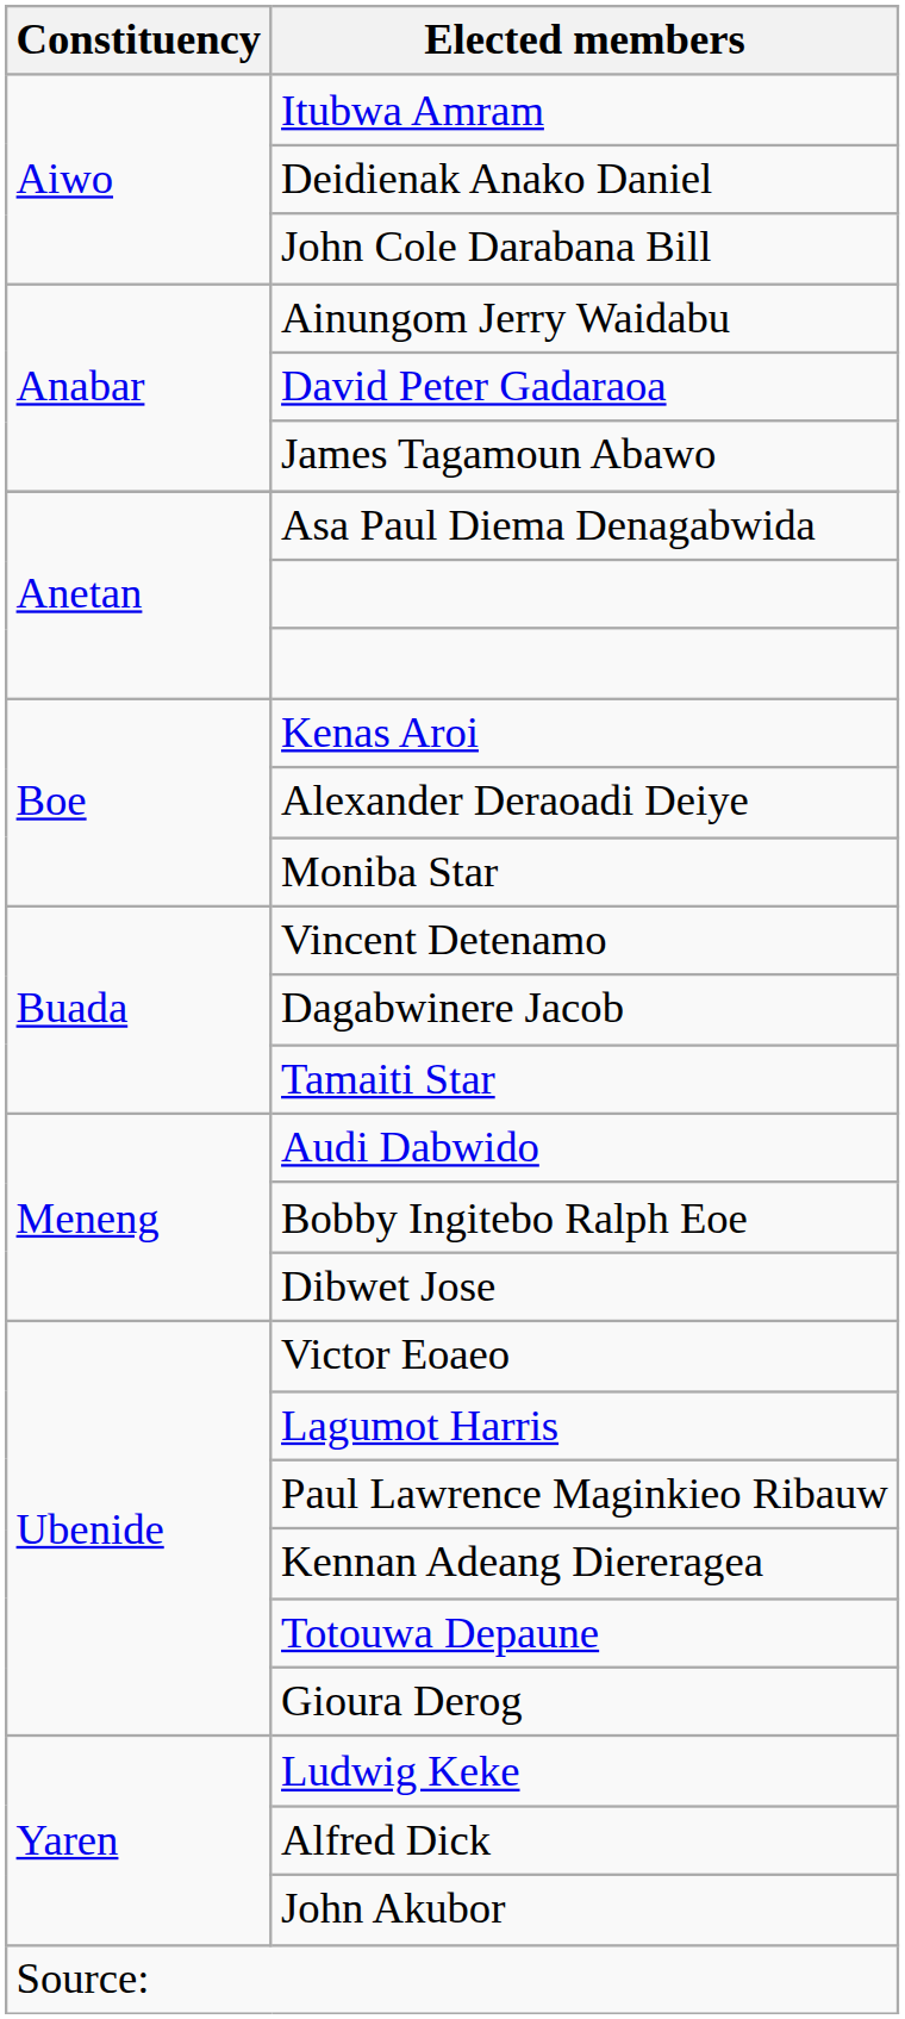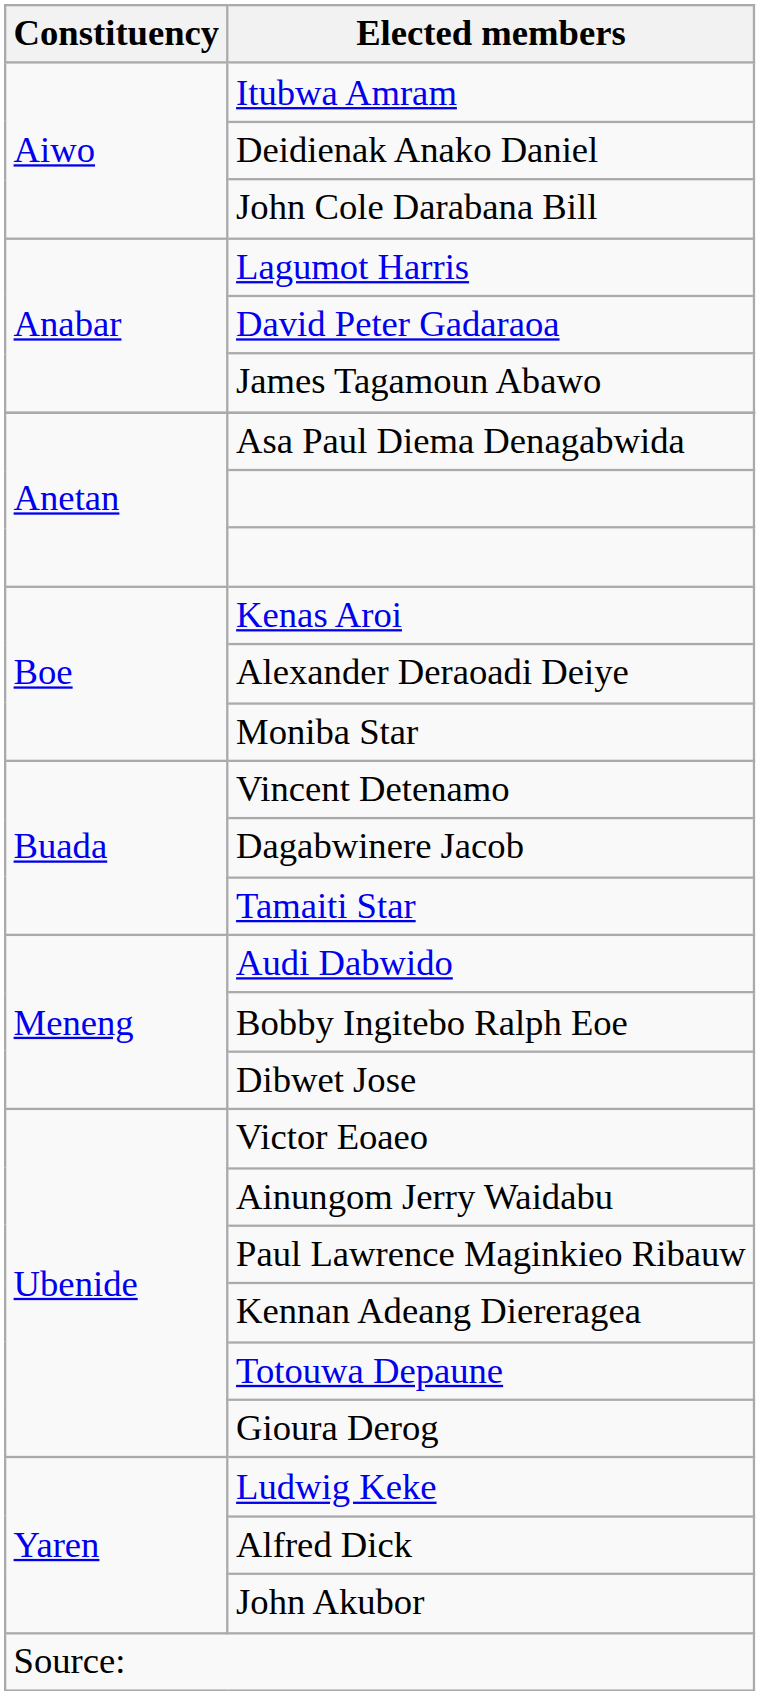 <table class=wikitable>
 <tr>
 <th>Constituency</th>
 <th>Elected members</th>
 </tr>
 <tr>
 <td rowspan=3><a href='#'>Aiwo</a></td>
 <td><a href='#'>Itubwa Amram</a></td>
 </tr>
 <tr>
 <td>Deidienak Anako Daniel</td>
 </tr>
 <tr>
 <td>John Cole Darabana Bill</td>
 </tr>
 <tr>
 <td rowspan=3><a href='#'>Anabar</a></td>
-<td>Ainungom Jerry Waidabu</td>
+<td><a href='#'>Lagumot Harris</a></td>
 </tr>
 <tr>
 <td><a href='#'>David Peter Gadaraoa</a></td>
 </tr>
 <tr>
 <td>James Tagamoun Abawo</td>
 </tr>
 <tr>
 </tr>
 <tr>
 <td rowspan=3><a href='#'>Anetan</a></td>
 <td>Asa Paul Diema Denagabwida</td>
 </tr>
 <tr>
 <td> </td>
 </tr>
 <tr>
 <td> </td>
 </tr>
 <tr>
 <td rowspan=3><a href='#'>Boe</a></td>
 <td><a href='#'>Kenas Aroi</a></td>
 </tr>
 <tr>
 <td>Alexander Deraoadi Deiye</td>
 </tr>
 <tr>
 <td>Moniba Star</td>
 </tr>
 <tr>
 <td rowspan=3><a href='#'>Buada</a></td>
 <td>Vincent Detenamo</td>
 </tr>
 <tr>
 <td>Dagabwinere Jacob</td>
 </tr>
 <tr>
 <td><a href='#'>Tamaiti Star</a></td>
 </tr>
 <tr>
 <td rowspan=3><a href='#'>Meneng</a></td>
 <td><a href='#'>Audi Dabwido</a></td>
 </tr>
 <tr>
 <td>Bobby Ingitebo Ralph Eoe</td>
 </tr>
 <tr>
 <td>Dibwet Jose</td>
 </tr>
 <tr>
 <td rowspan=6><a href='#'>Ubenide</a></td>
 <td>Victor Eoaeo</td>
 </tr>
 <tr>
-<td><a href='#'>Lagumot Harris</a></td>
+<td>Ainungom Jerry Waidabu</td>
 </tr>
 <tr>
 <td>Paul Lawrence Maginkieo Ribauw</td>
 </tr>
 <tr>
 <td>Kennan Adeang Diereragea</td>
 </tr>
 <tr>
 <td><a href='#'>Totouwa Depaune</a></td>
 </tr>
 <tr>
 <td>Gioura Derog</td>
 </tr>
 <tr>
 <td rowspan=3><a href='#'>Yaren</a></td>
 <td><a href='#'>Ludwig Keke</a></td>
 </tr>
 <tr>
 <td>Alfred Dick</td>
 </tr>
 <tr>
 <td>John Akubor</td>
 </tr>
 <tr>
 <td align=left colspan=2>Source: </td>
 </tr>
 </table>
